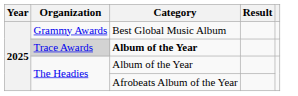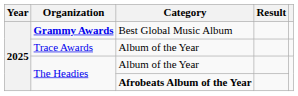 <table class="wikitable sortable plainrowheaders" style="border:none; margin:0;">
 <tr>
 <th scope="col">Year</th>
 <th scope="col">Organization</th>
 <th scope="col">Category</th>
 <th scope="col">Result</th>
 <th class="unsortable" scope="col"></th>
 </tr>
 <tr>
 <th scope="row" rowspan="4">2025</th>
-<td><a href='#'>Grammy Awards</a></td>
+<td><strong><a href='#'>Grammy Awards</a></strong></td>
 <td>Best Global Music Album</td>
 <td></td>
 <td style="text-align:center;"></td>
 </tr>
 <tr>
-<td style="background: lightgrey;"><a href='#'>Trace Awards</a></td>
-<td><strong>Album of the Year</strong></td>
+<td><a href='#'>Trace Awards</a></td>
+<td>Album of the Year</td>
 <td></td>
 <td style="text-align:center;"></td>
 </tr>
 <tr>
 <td rowspan="2"><a href='#'>The Headies</a></td>
 <td>Album of the Year</td>
 <td></td>
 <td style="text-align:center;" rowspan="2"></td>
 </tr>
 <tr>
-<td>Afrobeats Album of the Year</td>
+<td><strong>Afrobeats Album of the Year</strong></td>
 <td></td>
 </tr>
 </table>
